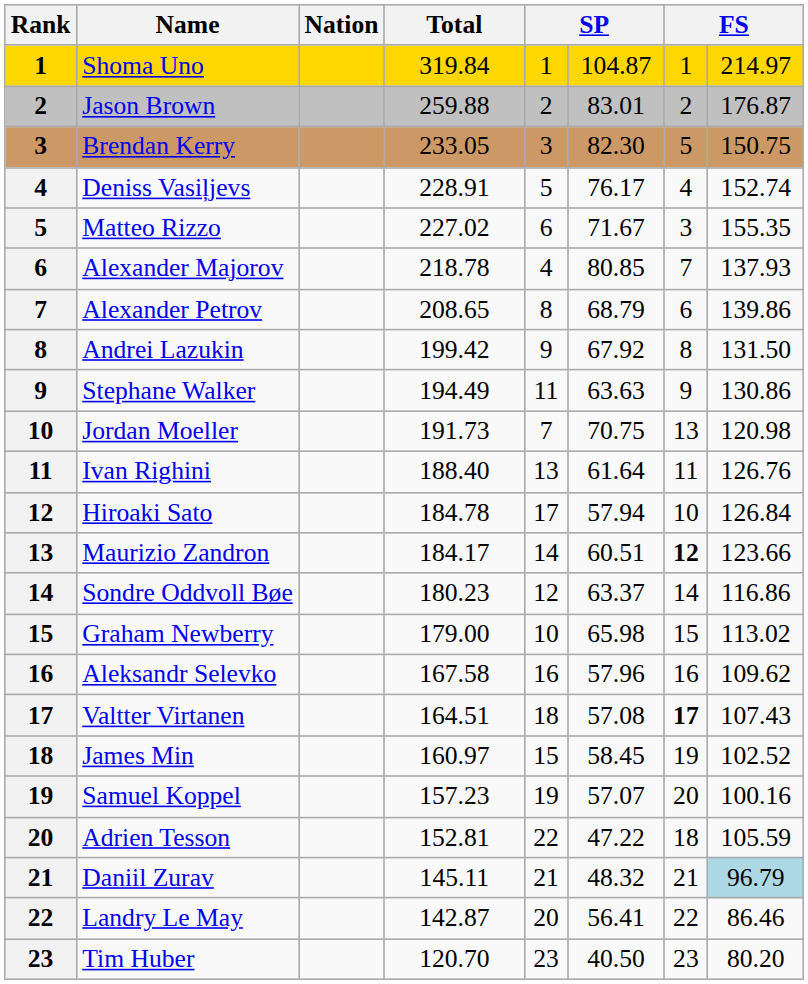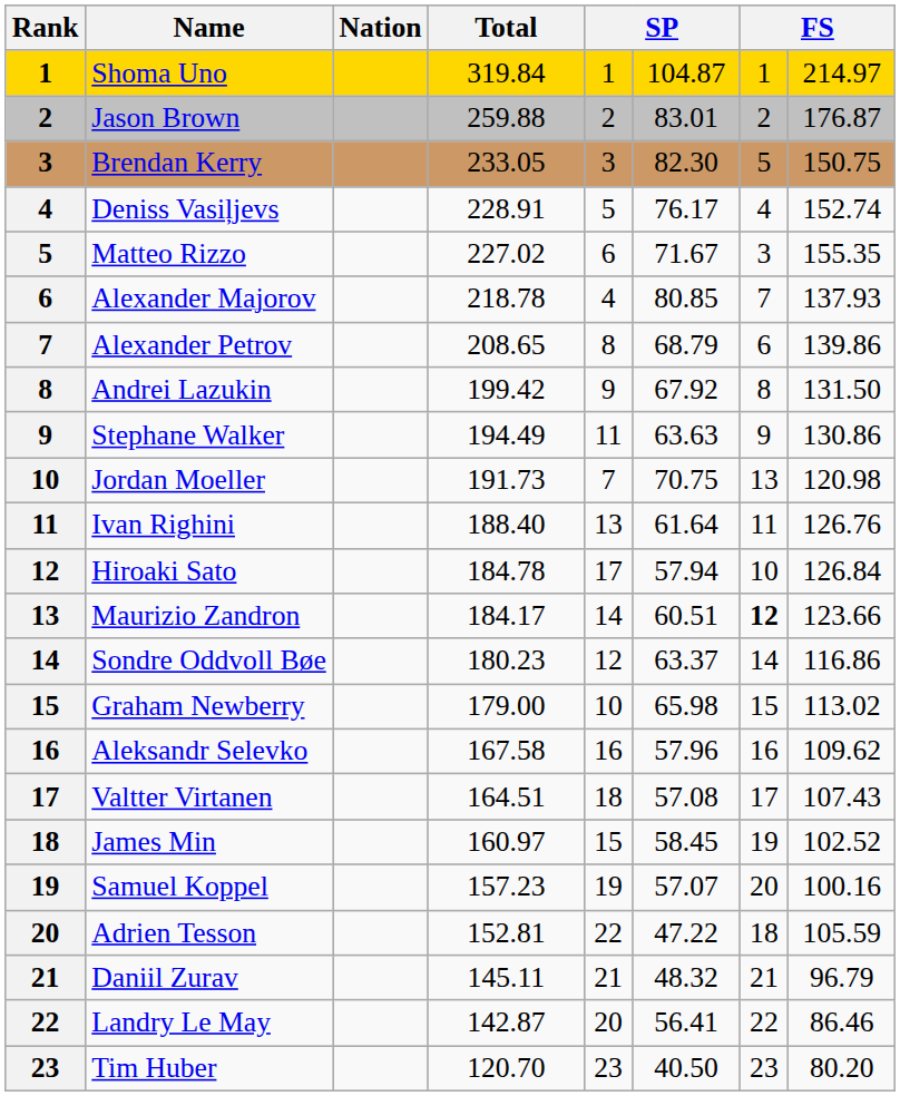 <table class="wikitable sortable">
 <tr>
 <th>Rank</th>
 <th>Name</th>
 <th>Nation</th>
 <th width="80px">Total</th>
 <th colspan="2" width="80px"><a href='#'>SP</a></th>
 <th colspan="2" width="80px"><a href='#'>FS</a></th>
 </tr>
 <tr bgcolor="gold">
 <td align="center"><strong>1</strong></td>
 <td><a href='#'>Shoma Uno</a></td>
 <td></td>
 <td align="center">319.84</td>
 <td align="center">1</td>
 <td align="center">104.87</td>
 <td align="center">1</td>
 <td align="center">214.97</td>
 </tr>
 <tr bgcolor="silver">
 <td align="center"><strong>2</strong></td>
 <td><a href='#'>Jason Brown</a></td>
 <td></td>
 <td align="center">259.88</td>
 <td align="center">2</td>
 <td align="center">83.01</td>
 <td align="center">2</td>
 <td align="center">176.87</td>
 </tr>
 <tr bgcolor="cc9966">
 <td align="center"><strong>3</strong></td>
 <td><a href='#'>Brendan Kerry</a></td>
 <td></td>
 <td align="center">233.05</td>
 <td align="center">3</td>
 <td align="center">82.30</td>
 <td align="center">5</td>
 <td align="center">150.75</td>
 </tr>
 <tr>
 <th>4</th>
 <td><a href='#'>Deniss Vasiļjevs</a></td>
 <td></td>
 <td align="center">228.91</td>
 <td align="center">5</td>
 <td align="center">76.17</td>
 <td align="center">4</td>
 <td align="center">152.74</td>
 </tr>
 <tr>
 <th>5</th>
 <td><a href='#'>Matteo Rizzo</a></td>
 <td></td>
 <td align="center">227.02</td>
 <td align="center">6</td>
 <td align="center">71.67</td>
 <td align="center">3</td>
 <td align="center">155.35</td>
 </tr>
 <tr>
 <th>6</th>
 <td><a href='#'>Alexander Majorov</a></td>
 <td></td>
 <td align="center">218.78</td>
 <td align="center">4</td>
 <td align="center">80.85</td>
 <td align="center">7</td>
 <td align="center">137.93</td>
 </tr>
 <tr>
 <th>7</th>
 <td><a href='#'>Alexander Petrov</a></td>
 <td></td>
 <td align="center">208.65</td>
 <td align="center">8</td>
 <td align="center">68.79</td>
 <td align="center">6</td>
 <td align="center">139.86</td>
 </tr>
 <tr>
 <th>8</th>
 <td><a href='#'>Andrei Lazukin</a></td>
 <td></td>
 <td align="center">199.42</td>
 <td align="center">9</td>
 <td align="center">67.92</td>
 <td align="center">8</td>
 <td align="center">131.50</td>
 </tr>
 <tr>
 <th>9</th>
 <td><a href='#'>Stephane Walker</a></td>
 <td></td>
 <td align="center">194.49</td>
 <td align="center">11</td>
 <td align="center">63.63</td>
 <td align="center">9</td>
 <td align="center">130.86</td>
 </tr>
 <tr>
 <th>10</th>
 <td><a href='#'>Jordan Moeller</a></td>
 <td></td>
 <td align="center">191.73</td>
 <td align="center">7</td>
 <td align="center">70.75</td>
 <td align="center">13</td>
 <td align="center">120.98</td>
 </tr>
 <tr>
 <th>11</th>
 <td><a href='#'>Ivan Righini</a></td>
 <td></td>
 <td align="center">188.40</td>
 <td align="center">13</td>
 <td align="center">61.64</td>
 <td align="center">11</td>
 <td align="center">126.76</td>
 </tr>
 <tr>
 <th>12</th>
 <td><a href='#'>Hiroaki Sato</a></td>
 <td></td>
 <td align="center">184.78</td>
 <td align="center">17</td>
 <td align="center">57.94</td>
 <td align="center">10</td>
 <td align="center">126.84</td>
 </tr>
 <tr>
 <th>13</th>
 <td><a href='#'>Maurizio Zandron</a></td>
 <td></td>
 <td align="center">184.17</td>
 <td align="center">14</td>
 <td align="center">60.51</td>
 <td align="center"><strong>12</strong></td>
 <td align="center">123.66</td>
 </tr>
 <tr>
 <th>14</th>
 <td><a href='#'>Sondre Oddvoll Bøe</a></td>
 <td></td>
 <td align="center">180.23</td>
 <td align="center">12</td>
 <td align="center">63.37</td>
 <td align="center">14</td>
 <td align="center">116.86</td>
 </tr>
 <tr>
 <th>15</th>
 <td><a href='#'>Graham Newberry</a></td>
 <td></td>
 <td align="center">179.00</td>
 <td align="center">10</td>
 <td align="center">65.98</td>
 <td align="center">15</td>
 <td align="center">113.02</td>
 </tr>
 <tr>
 <th>16</th>
 <td><a href='#'>Aleksandr Selevko</a></td>
 <td></td>
 <td align="center">167.58</td>
 <td align="center">16</td>
 <td align="center">57.96</td>
 <td align="center">16</td>
 <td align="center">109.62</td>
 </tr>
 <tr>
 <th>17</th>
 <td><a href='#'>Valtter Virtanen</a></td>
 <td></td>
 <td align="center">164.51</td>
 <td align="center">18</td>
 <td align="center">57.08</td>
-<td align="center"><strong>17</strong></td>
+<td align="center">17</td>
 <td align="center">107.43</td>
 </tr>
 <tr>
 <th>18</th>
 <td><a href='#'>James Min</a></td>
 <td></td>
 <td align="center">160.97</td>
 <td align="center">15</td>
 <td align="center">58.45</td>
 <td align="center">19</td>
 <td align="center">102.52</td>
 </tr>
 <tr>
 <th>19</th>
 <td><a href='#'>Samuel Koppel</a></td>
 <td></td>
 <td align="center">157.23</td>
 <td align="center">19</td>
 <td align="center">57.07</td>
 <td align="center">20</td>
 <td align="center">100.16</td>
 </tr>
 <tr>
 <th>20</th>
 <td><a href='#'>Adrien Tesson</a></td>
 <td></td>
 <td align="center">152.81</td>
 <td align="center">22</td>
 <td align="center">47.22</td>
 <td align="center">18</td>
 <td align="center">105.59</td>
 </tr>
 <tr>
 <th>21</th>
 <td><a href='#'>Daniil Zurav</a></td>
 <td></td>
 <td align="center">145.11</td>
 <td align="center">21</td>
 <td align="center">48.32</td>
 <td align="center">21</td>
-<td align="center" style="background: lightblue;">96.79</td>
+<td align="center">96.79</td>
 </tr>
 <tr>
 <th>22</th>
 <td><a href='#'>Landry Le May</a></td>
 <td></td>
 <td align="center">142.87</td>
 <td align="center">20</td>
 <td align="center">56.41</td>
 <td align="center">22</td>
 <td align="center">86.46</td>
 </tr>
 <tr>
 <th>23</th>
 <td><a href='#'>Tim Huber</a></td>
 <td></td>
 <td align="center">120.70</td>
 <td align="center">23</td>
 <td align="center">40.50</td>
 <td align="center">23</td>
 <td align="center">80.20</td>
 </tr>
 </table>
